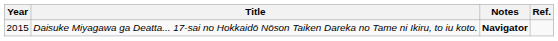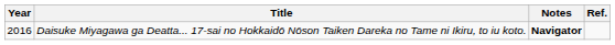 <table class="wikitable">
 <tr>
 <th>Year</th>
 <th>Title</th>
 <th>Notes</th>
 <th>Ref.</th>
 </tr>
 <tr>
-<td>2015</td>
+<td>2016</td>
 <td><em>Daisuke Miyagawa ga Deatta... 17-sai no Hokkaidō Nōson Taiken Dareka no Tame ni Ikiru, to iu koto.</em></td>
 <td><strong>Navigator</strong></td>
 <td></td>
 </tr>
 </table>
